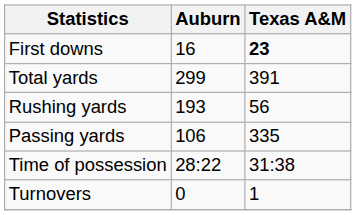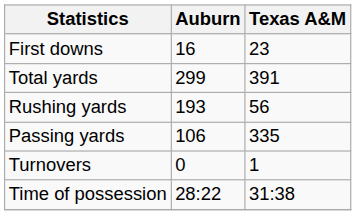 <table class="wikitable" style="float: left;">
 <tr>
 <th>Statistics</th>
 <th>Auburn</th>
 <th>Texas A&M</th>
 </tr>
 <tr>
 <td>First downs</td>
 <td>16</td>
-<td><strong>23</strong></td>
+<td>23</td>
 </tr>
 <tr>
 <td>Total yards</td>
 <td>299</td>
 <td>391</td>
 </tr>
 <tr>
 <td>Rushing yards</td>
 <td>193</td>
 <td>56</td>
 </tr>
 <tr>
 <td>Passing yards</td>
 <td>106</td>
 <td>335</td>
 </tr>
 <tr>
+<td>Turnovers</td>
+<td>0</td>
+<td>1</td>
+</tr>
+<tr>
 <td>Time of possession</td>
 <td>28:22</td>
 <td>31:38</td>
 </tr>
 <tr>
-<td>Turnovers</td>
-<td>0</td>
-<td>1</td>
-</tr>
-<tr>
 </tr>
 </table>
